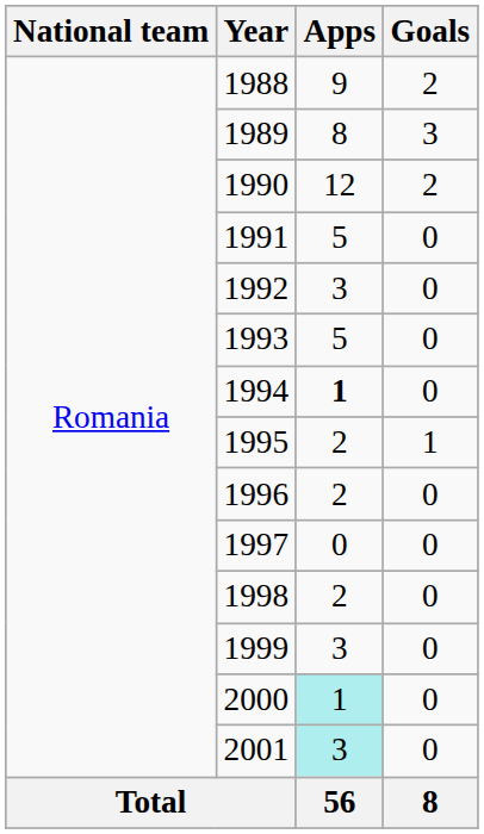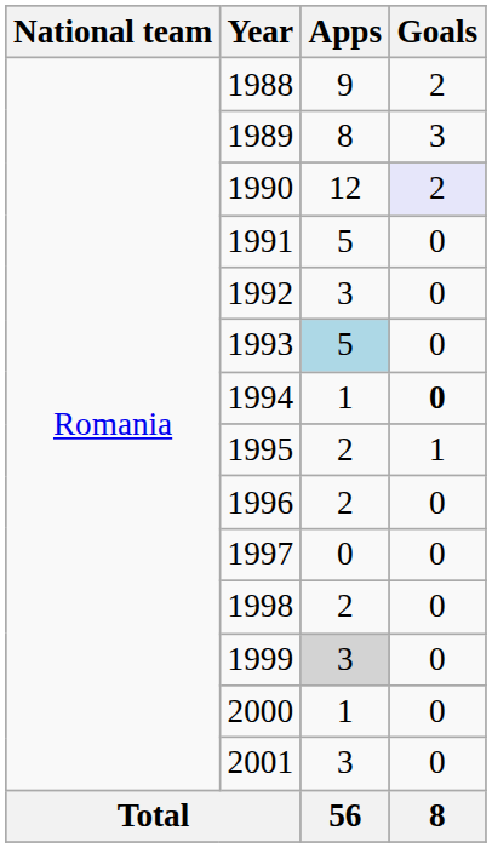 <table class="wikitable" style="text-align:center">
 <tr>
 <th>National team</th>
 <th>Year</th>
 <th>Apps</th>
 <th>Goals</th>
 </tr>
 <tr>
 <td rowspan="14"><a href='#'>Romania</a></td>
 <td>1988</td>
 <td>9</td>
 <td>2</td>
 </tr>
 <tr>
 <td>1989</td>
 <td>8</td>
 <td>3</td>
 </tr>
 <tr>
 <td>1990</td>
 <td>12</td>
-<td>2</td>
+<td style="background: lavender;">2</td>
 </tr>
 <tr>
 <td>1991</td>
 <td>5</td>
 <td>0</td>
 </tr>
 <tr>
 <td>1992</td>
 <td>3</td>
 <td>0</td>
 </tr>
 <tr>
 <td>1993</td>
-<td>5</td>
+<td style="background: lightblue;">5</td>
 <td>0</td>
 </tr>
 <tr>
 <td>1994</td>
-<td><strong>1</strong></td>
-<td>0</td>
+<td>1</td>
+<td><strong>0</strong></td>
 </tr>
 <tr>
 <td>1995</td>
 <td>2</td>
 <td>1</td>
 </tr>
 <tr>
 <td>1996</td>
 <td>2</td>
 <td>0</td>
 </tr>
 <tr>
 <td>1997</td>
 <td>0</td>
 <td>0</td>
 </tr>
 <tr>
 <td>1998</td>
 <td>2</td>
 <td>0</td>
 </tr>
 <tr>
 <td>1999</td>
-<td>3</td>
+<td style="background: lightgrey;">3</td>
 <td>0</td>
 </tr>
 <tr>
 <td>2000</td>
-<td style="background: paleturquoise;">1</td>
+<td>1</td>
 <td>0</td>
 </tr>
 <tr>
 <td>2001</td>
-<td style="background: paleturquoise;">3</td>
+<td>3</td>
 <td>0</td>
 </tr>
 <tr>
 <th colspan="2">Total</th>
 <th>56</th>
 <th>8</th>
 </tr>
 </table>
